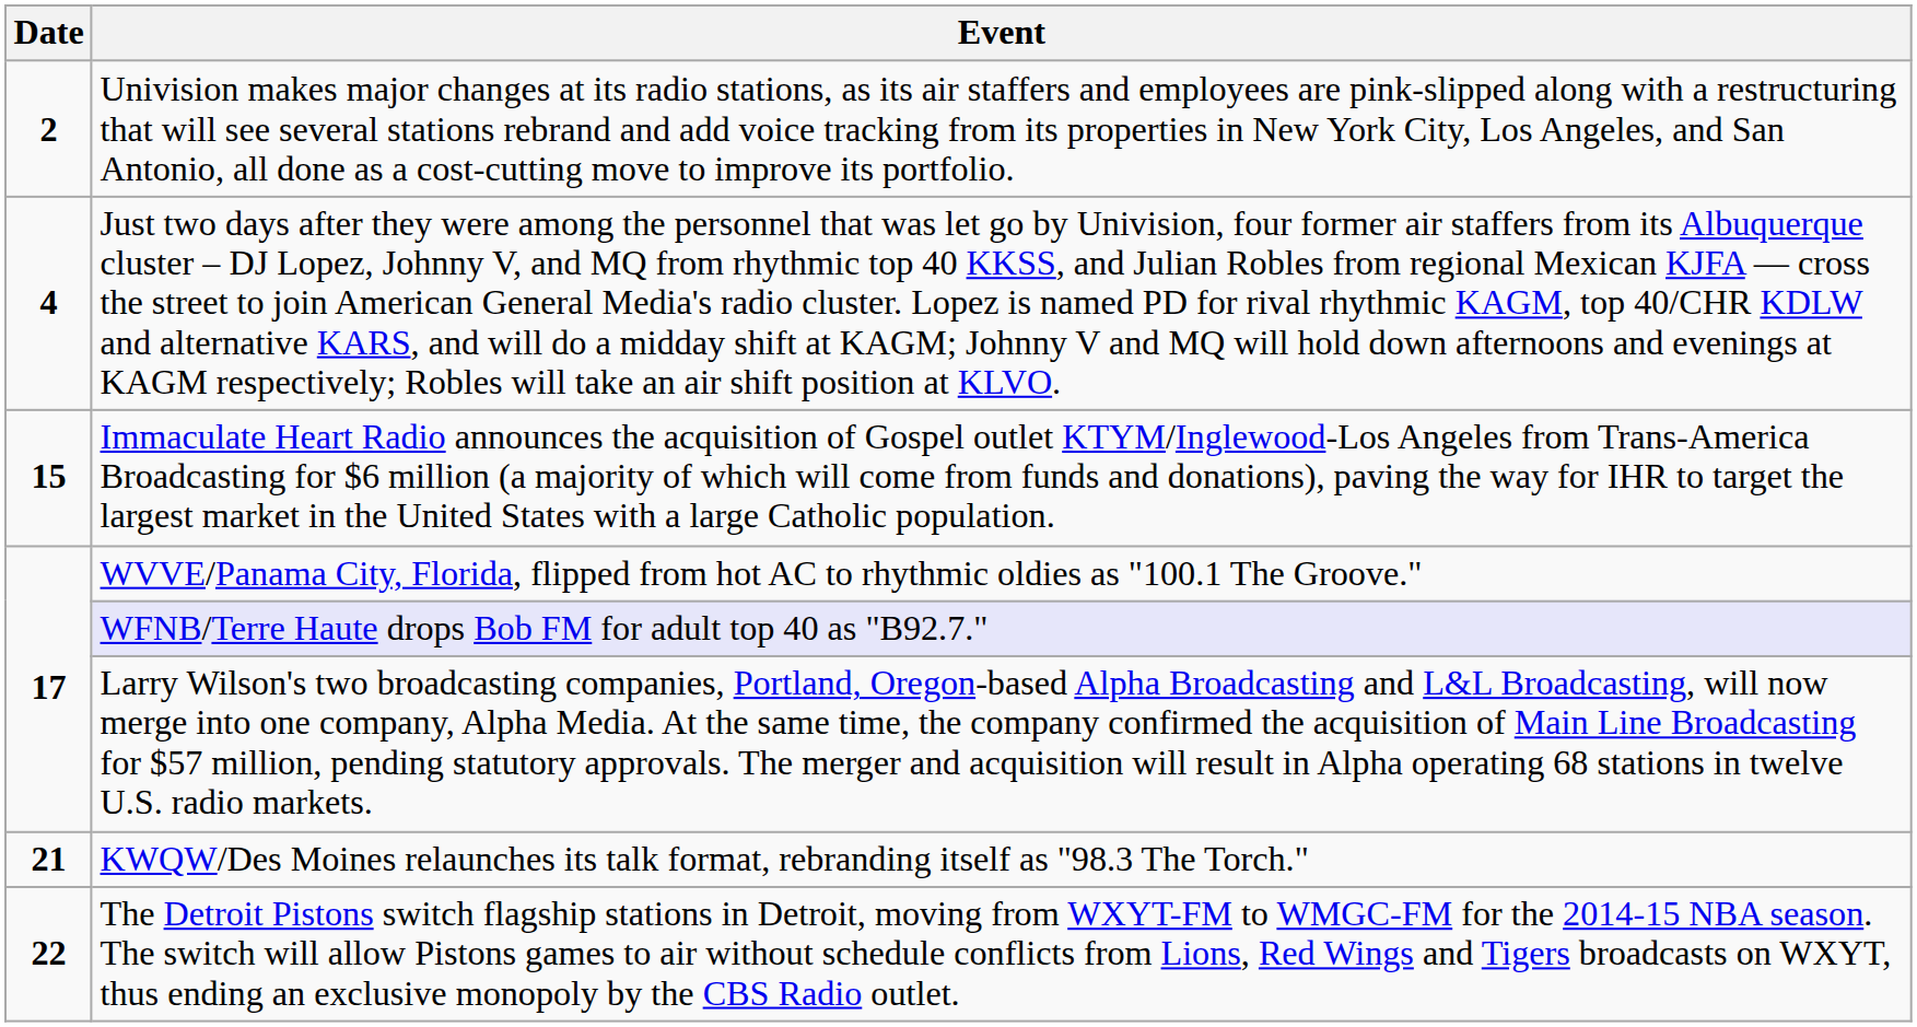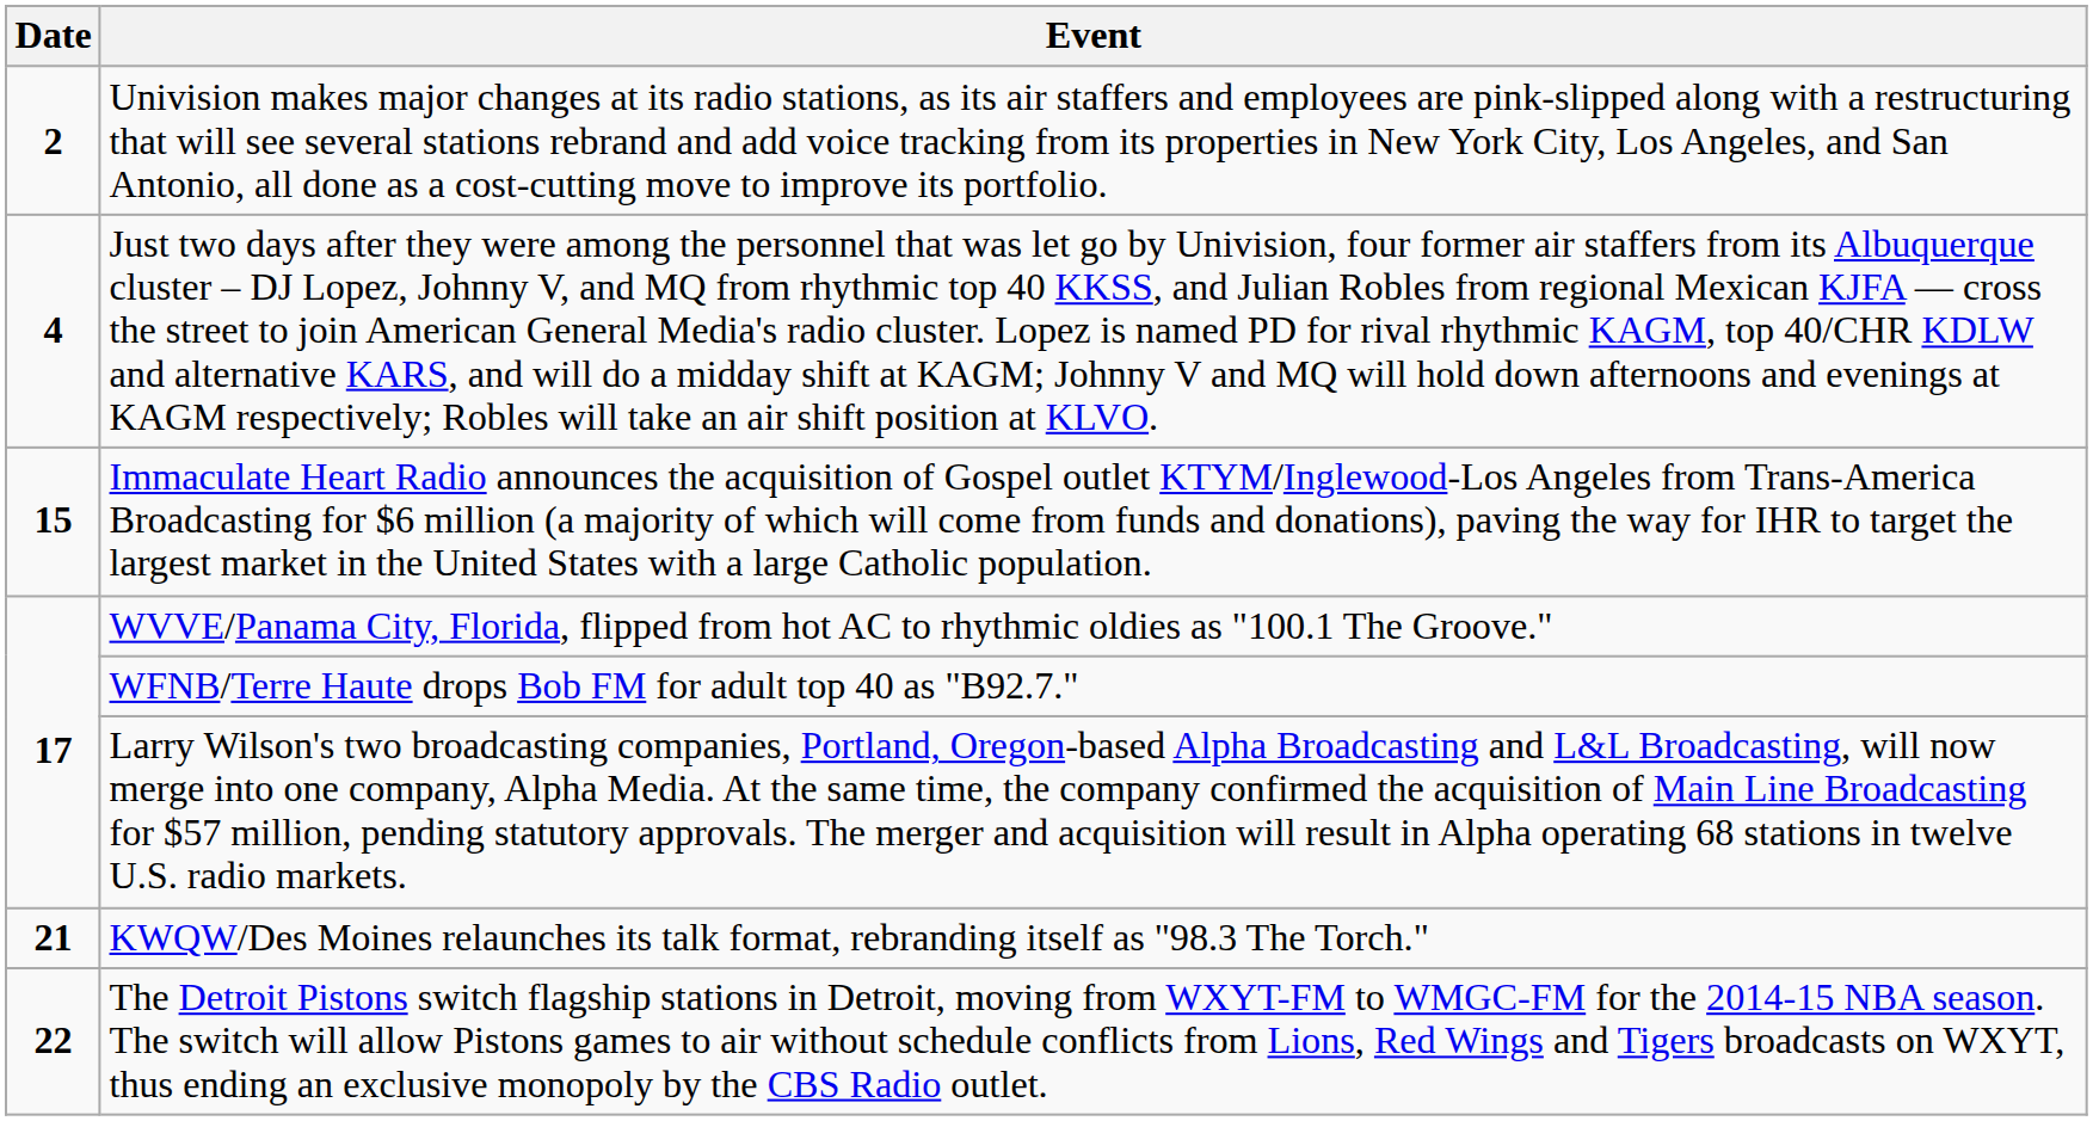 <table class="wikitable">
 <tr>
 <th>Date</th>
 <th>Event</th>
 </tr>
 <tr>
 <td style="text-align:center;"><strong>2</strong></td>
 <td>Univision makes major changes at its radio stations, as its air staffers and employees are pink-slipped along with a restructuring that will see several stations rebrand and add voice tracking from its properties in New York City, Los Angeles, and San Antonio, all done as a cost-cutting move to improve its portfolio.</td>
 </tr>
 <tr>
 <td style="text-align:center;"><strong>4</strong></td>
 <td>Just two days after they were among the personnel that was let go by Univision, four former air staffers from its <a href='#'>Albuquerque</a> cluster – DJ Lopez, Johnny V, and MQ from rhythmic top 40 <a href='#'>KKSS</a>, and Julian Robles from regional Mexican <a href='#'>KJFA</a> — cross the street to join American General Media's radio cluster. Lopez is named PD for rival rhythmic <a href='#'>KAGM</a>, top 40/CHR <a href='#'>KDLW</a> and alternative <a href='#'>KARS</a>, and will do a midday shift at KAGM; Johnny V and MQ will hold down afternoons and evenings at KAGM respectively; Robles will take an air shift position at <a href='#'>KLVO</a>.</td>
 </tr>
 <tr>
 <td style="text-align:center;"><strong>15</strong></td>
 <td><a href='#'>Immaculate Heart Radio</a> announces the acquisition of Gospel outlet <a href='#'>KTYM</a>/<a href='#'>Inglewood</a>-Los Angeles from Trans-America Broadcasting for $6 million (a majority of which will come from funds and donations), paving the way for IHR to target the largest market in the United States with a large Catholic population.</td>
 </tr>
 <tr>
 <td style="text-align:center;" rowspan=3><strong>17</strong></td>
 <td><a href='#'>WVVE</a>/<a href='#'>Panama City, Florida</a>, flipped from hot AC to rhythmic oldies as "100.1 The Groove."</td>
 </tr>
 <tr>
-<td style="background: lavender;"><a href='#'>WFNB</a>/<a href='#'>Terre Haute</a> drops <a href='#'>Bob FM</a> for adult top 40 as "B92.7."</td>
+<td><a href='#'>WFNB</a>/<a href='#'>Terre Haute</a> drops <a href='#'>Bob FM</a> for adult top 40 as "B92.7."</td>
 </tr>
 <tr>
 <td>Larry Wilson's two broadcasting companies, <a href='#'>Portland, Oregon</a>-based <a href='#'>Alpha Broadcasting</a> and <a href='#'>L&L Broadcasting</a>, will now merge into one company, Alpha Media. At the same time, the company confirmed the acquisition of <a href='#'>Main Line Broadcasting</a> for $57 million, pending statutory approvals. The merger and acquisition will result in Alpha operating 68 stations in twelve U.S. radio markets.</td>
 </tr>
 <tr>
 <td style="text-align:center;"><strong>21</strong></td>
 <td><a href='#'>KWQW</a>/Des Moines relaunches its talk format, rebranding itself as "98.3 The Torch."</td>
 </tr>
 <tr>
 <td style="text-align:center;"><strong>22</strong></td>
 <td>The <a href='#'>Detroit Pistons</a> switch flagship stations in Detroit, moving from <a href='#'>WXYT-FM</a> to <a href='#'>WMGC-FM</a> for the <a href='#'>2014-15 NBA season</a>. The switch will allow Pistons games to air without schedule conflicts from <a href='#'>Lions</a>, <a href='#'>Red Wings</a> and <a href='#'>Tigers</a> broadcasts on WXYT, thus ending an exclusive monopoly by the <a href='#'>CBS Radio</a> outlet.</td>
 </tr>
 </table>
